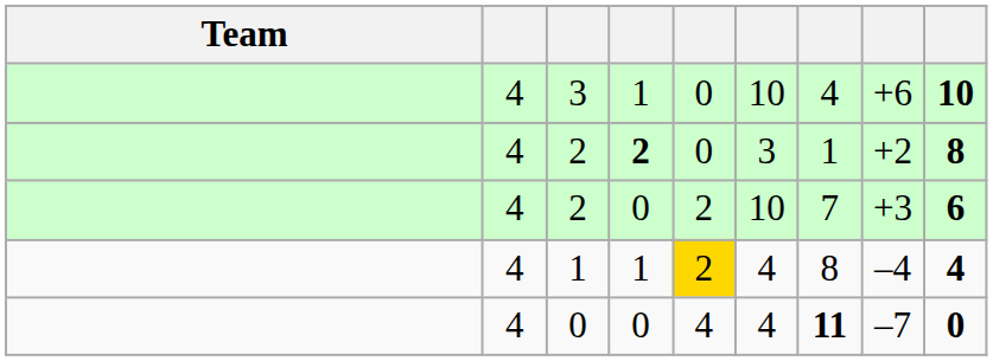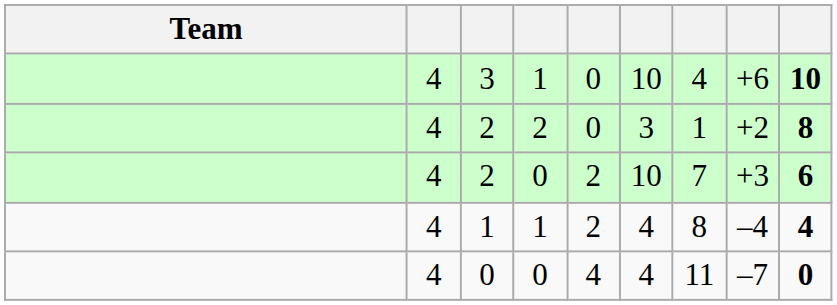 <table class="wikitable" style="text-align: center;">
 <tr>
 <th width="200">Team</th>
 <th width="20"></th>
 <th width="20"></th>
 <th width="20"></th>
 <th width="20"></th>
 <th width="20"></th>
 <th width="20"></th>
 <th width="20"></th>
 <th width="20"></th>
 </tr>
 <tr style="background:#ccffcc">
 <td align=left></td>
 <td>4</td>
 <td>3</td>
 <td>1</td>
 <td>0</td>
 <td>10</td>
 <td>4</td>
 <td>+6</td>
 <td><strong>10</strong></td>
 </tr>
 <tr style="background:#ccffcc">
 <td align=left></td>
 <td>4</td>
 <td>2</td>
-<td><strong>2</strong></td>
+<td>2</td>
 <td>0</td>
 <td>3</td>
 <td>1</td>
 <td>+2</td>
 <td><strong>8</strong></td>
 </tr>
 <tr style="background:#ccffcc">
 <td align=left></td>
 <td>4</td>
 <td>2</td>
 <td>0</td>
 <td>2</td>
 <td>10</td>
 <td>7</td>
 <td>+3</td>
 <td><strong>6</strong></td>
 </tr>
 <tr>
 <td align=left></td>
 <td>4</td>
 <td>1</td>
 <td>1</td>
-<td style="background: gold;">2</td>
+<td>2</td>
 <td>4</td>
 <td>8</td>
 <td>–4</td>
 <td><strong>4</strong></td>
 </tr>
 <tr>
 <td align=left></td>
 <td>4</td>
 <td>0</td>
 <td>0</td>
 <td>4</td>
 <td>4</td>
-<td><strong>11</strong></td>
+<td>11</td>
 <td>–7</td>
 <td><strong>0</strong></td>
 </tr>
 </table>
